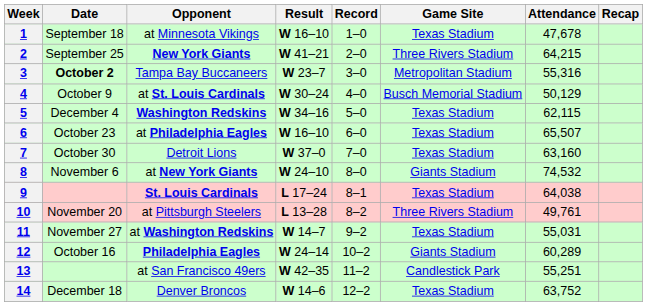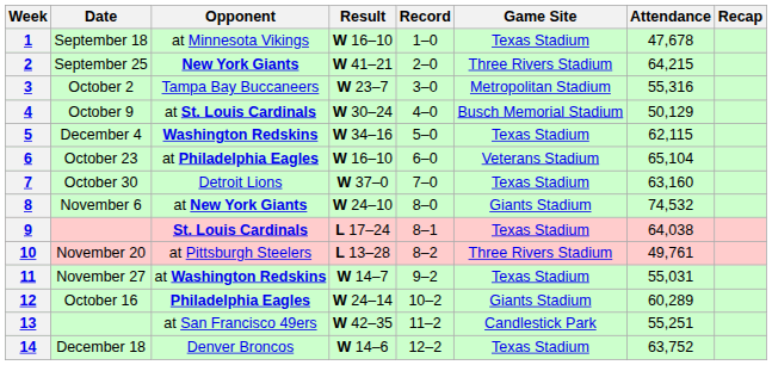 <table class="wikitable" style="text-align:center">
 <tr>
 <th>Week</th>
 <th>Date</th>
 <th>Opponent</th>
 <th>Result</th>
 <th>Record</th>
 <th>Game Site</th>
 <th>Attendance</th>
 <th>Recap</th>
 </tr>
 <tr style="background: #cfc">
 <th><a href='#'>1</a></th>
 <td>September 18</td>
 <td>at <a href='#'>Minnesota Vikings</a></td>
 <td><strong>W</strong> 16–10 </td>
 <td>1–0</td>
 <td><a href='#'>Texas Stadium</a></td>
 <td>47,678</td>
 <td></td>
 </tr>
 <tr style="background: #cfc">
 <th><a href='#'>2</a></th>
 <td>September 25</td>
 <td><strong><a href='#'>New York Giants</a></strong></td>
 <td><strong>W</strong> 41–21</td>
 <td>2–0</td>
 <td><a href='#'>Three Rivers Stadium</a></td>
 <td>64,215</td>
 <td></td>
 </tr>
 <tr style="background: #cfc">
 <th><a href='#'>3</a></th>
-<td><strong>October 2</strong></td>
+<td>October 2</td>
 <td><a href='#'>Tampa Bay Buccaneers</a></td>
 <td><strong>W</strong> 23–7</td>
 <td>3–0</td>
 <td><a href='#'>Metropolitan Stadium</a></td>
 <td>55,316</td>
 <td></td>
 </tr>
 <tr style="background: #cfc">
 <th><a href='#'>4</a></th>
 <td>October 9</td>
 <td>at <strong><a href='#'>St. Louis Cardinals</a></strong></td>
 <td><strong>W</strong> 30–24</td>
 <td>4–0</td>
 <td><a href='#'>Busch Memorial Stadium</a></td>
 <td>50,129</td>
 <td></td>
 </tr>
 <tr style="background: #cfc">
 <th><a href='#'>5</a></th>
 <td>December 4</td>
 <td><strong><a href='#'>Washington Redskins</a></strong></td>
 <td><strong>W</strong> 34–16</td>
 <td>5–0</td>
 <td><a href='#'>Texas Stadium</a></td>
 <td>62,115</td>
 <td></td>
 </tr>
 <tr style="background: #cfc">
 <th><a href='#'>6</a></th>
 <td>October 23</td>
 <td>at <strong><a href='#'>Philadelphia Eagles</a></strong></td>
 <td><strong>W</strong> 16–10</td>
 <td>6–0</td>
-<td><a href='#'>Texas Stadium</a></td>
-<td>65,507</td>
+<td><a href='#'>Veterans Stadium</a></td>
+<td>65,104</td>
 <td></td>
 </tr>
 <tr style="background: #cfc">
 <th><a href='#'>7</a></th>
 <td>October 30</td>
 <td><a href='#'>Detroit Lions</a></td>
 <td><strong>W</strong> 37–0</td>
 <td>7–0</td>
 <td><a href='#'>Texas Stadium</a></td>
 <td>63,160</td>
 <td></td>
 </tr>
 <tr style="background: #cfc">
 <th><a href='#'>8</a></th>
 <td>November 6</td>
 <td>at <strong><a href='#'>New York Giants</a></strong></td>
 <td><strong>W</strong> 24–10</td>
 <td>8–0</td>
 <td><a href='#'>Giants Stadium</a></td>
 <td>74,532</td>
 <td></td>
 </tr>
 <tr style="background: #fcc">
 <th><a href='#'>9</a></th>
 <td></td>
 <td><strong><a href='#'>St. Louis Cardinals</a></strong></td>
 <td><strong>L</strong> 17–24</td>
 <td>8–1</td>
 <td><a href='#'>Texas Stadium</a></td>
 <td>64,038</td>
 <td></td>
 </tr>
 <tr style="background: #fcc">
 <th><a href='#'>10</a></th>
 <td>November 20</td>
 <td>at <a href='#'>Pittsburgh Steelers</a></td>
 <td><strong>L</strong> 13–28</td>
 <td>8–2</td>
 <td><a href='#'>Three Rivers Stadium</a></td>
 <td>49,761</td>
 <td></td>
 </tr>
 <tr style="background: #cfc">
 <th><a href='#'>11</a></th>
 <td>November 27</td>
 <td>at <strong><a href='#'>Washington Redskins</a></strong></td>
 <td><strong>W</strong> 14–7</td>
 <td>9–2</td>
 <td><a href='#'>Texas Stadium</a></td>
 <td>55,031</td>
 <td></td>
 </tr>
 <tr style="background: #cfc">
 <th><a href='#'>12</a></th>
 <td>October 16</td>
 <td><strong><a href='#'>Philadelphia Eagles</a></strong></td>
 <td><strong>W</strong> 24–14</td>
 <td>10–2</td>
 <td><a href='#'>Giants Stadium</a></td>
 <td>60,289</td>
 <td></td>
 </tr>
 <tr style="background: #cfc">
 <th><a href='#'>13</a></th>
 <td></td>
 <td>at <a href='#'>San Francisco 49ers</a></td>
 <td><strong>W</strong> 42–35</td>
 <td>11–2</td>
 <td><a href='#'>Candlestick Park</a></td>
 <td>55,251</td>
 <td></td>
 </tr>
 <tr style="background: #cfc">
 <th><a href='#'>14</a></th>
 <td>December 18</td>
 <td><a href='#'>Denver Broncos</a></td>
 <td><strong>W</strong> 14–6</td>
 <td>12–2</td>
 <td><a href='#'>Texas Stadium</a></td>
 <td>63,752</td>
 <td></td>
 </tr>
 </table>
